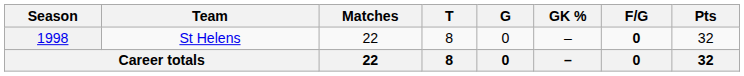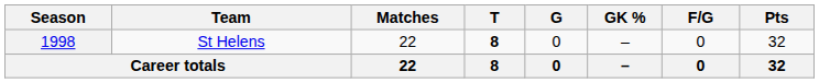 <table class="wikitable sortable"  style="font-size:90%; text-align:center; width:85%;">
 <tr>
 <th width=2%>Season</th>
 <th width=8%>Team</th>
 <th width=2%>Matches</th>
 <th width=2%>T</th>
 <th width=2%>G</th>
 <th width=2%>GK %</th>
 <th width=2%>F/G</th>
 <th width=2%>Pts</th>
 </tr>
 <tr>
 <th scope="row" style="text-align:center; font-weight:normal"><a href='#'>1998</a></th>
 <td style="text-align:center;"> <a href='#'>St Helens</a></td>
 <td>22</td>
-<td>8</td>
+<td><strong>8</strong></td>
 <td>0</td>
 <td>–</td>
-<td><strong>0</strong></td>
+<td>0</td>
 <td>32</td>
 </tr>
 <tr class="sortbottom">
 <th colspan=2>Career totals</th>
 <th>22</th>
 <th>8</th>
 <th>0</th>
 <th>–</th>
 <th>0</th>
 <th>32</th>
 </tr>
 </table>
